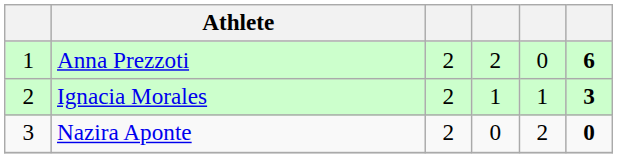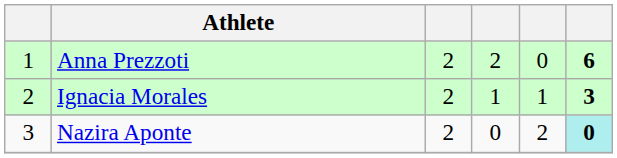 <table class="wikitable" style="text-align: center; font-size:100% ">
 <tr>
 <th width=25></th>
 <th width=250>Athlete</th>
 <th width=25></th>
 <th width=25></th>
 <th width=25></th>
 <th width=25></th>
 </tr>
 <tr bgcolor="ccffcc">
 <td>1</td>
 <td align=left> <a href='#'>Anna Prezzoti</a></td>
 <td>2</td>
 <td>2</td>
 <td>0</td>
 <td><strong>6</strong></td>
 </tr>
 <tr bgcolor="ccffcc">
 <td>2</td>
 <td align=left> <a href='#'>Ignacia Morales</a></td>
 <td>2</td>
 <td>1</td>
 <td>1</td>
 <td><strong>3</strong></td>
 </tr>
 <tr>
 <td>3</td>
 <td align=left> <a href='#'>Nazira Aponte</a></td>
 <td>2</td>
 <td>0</td>
 <td>2</td>
-<td><strong>0</strong></td>
+<td style="background: paleturquoise;"><strong>0</strong></td>
 </tr>
 <tr>
 </tr>
 </table>
